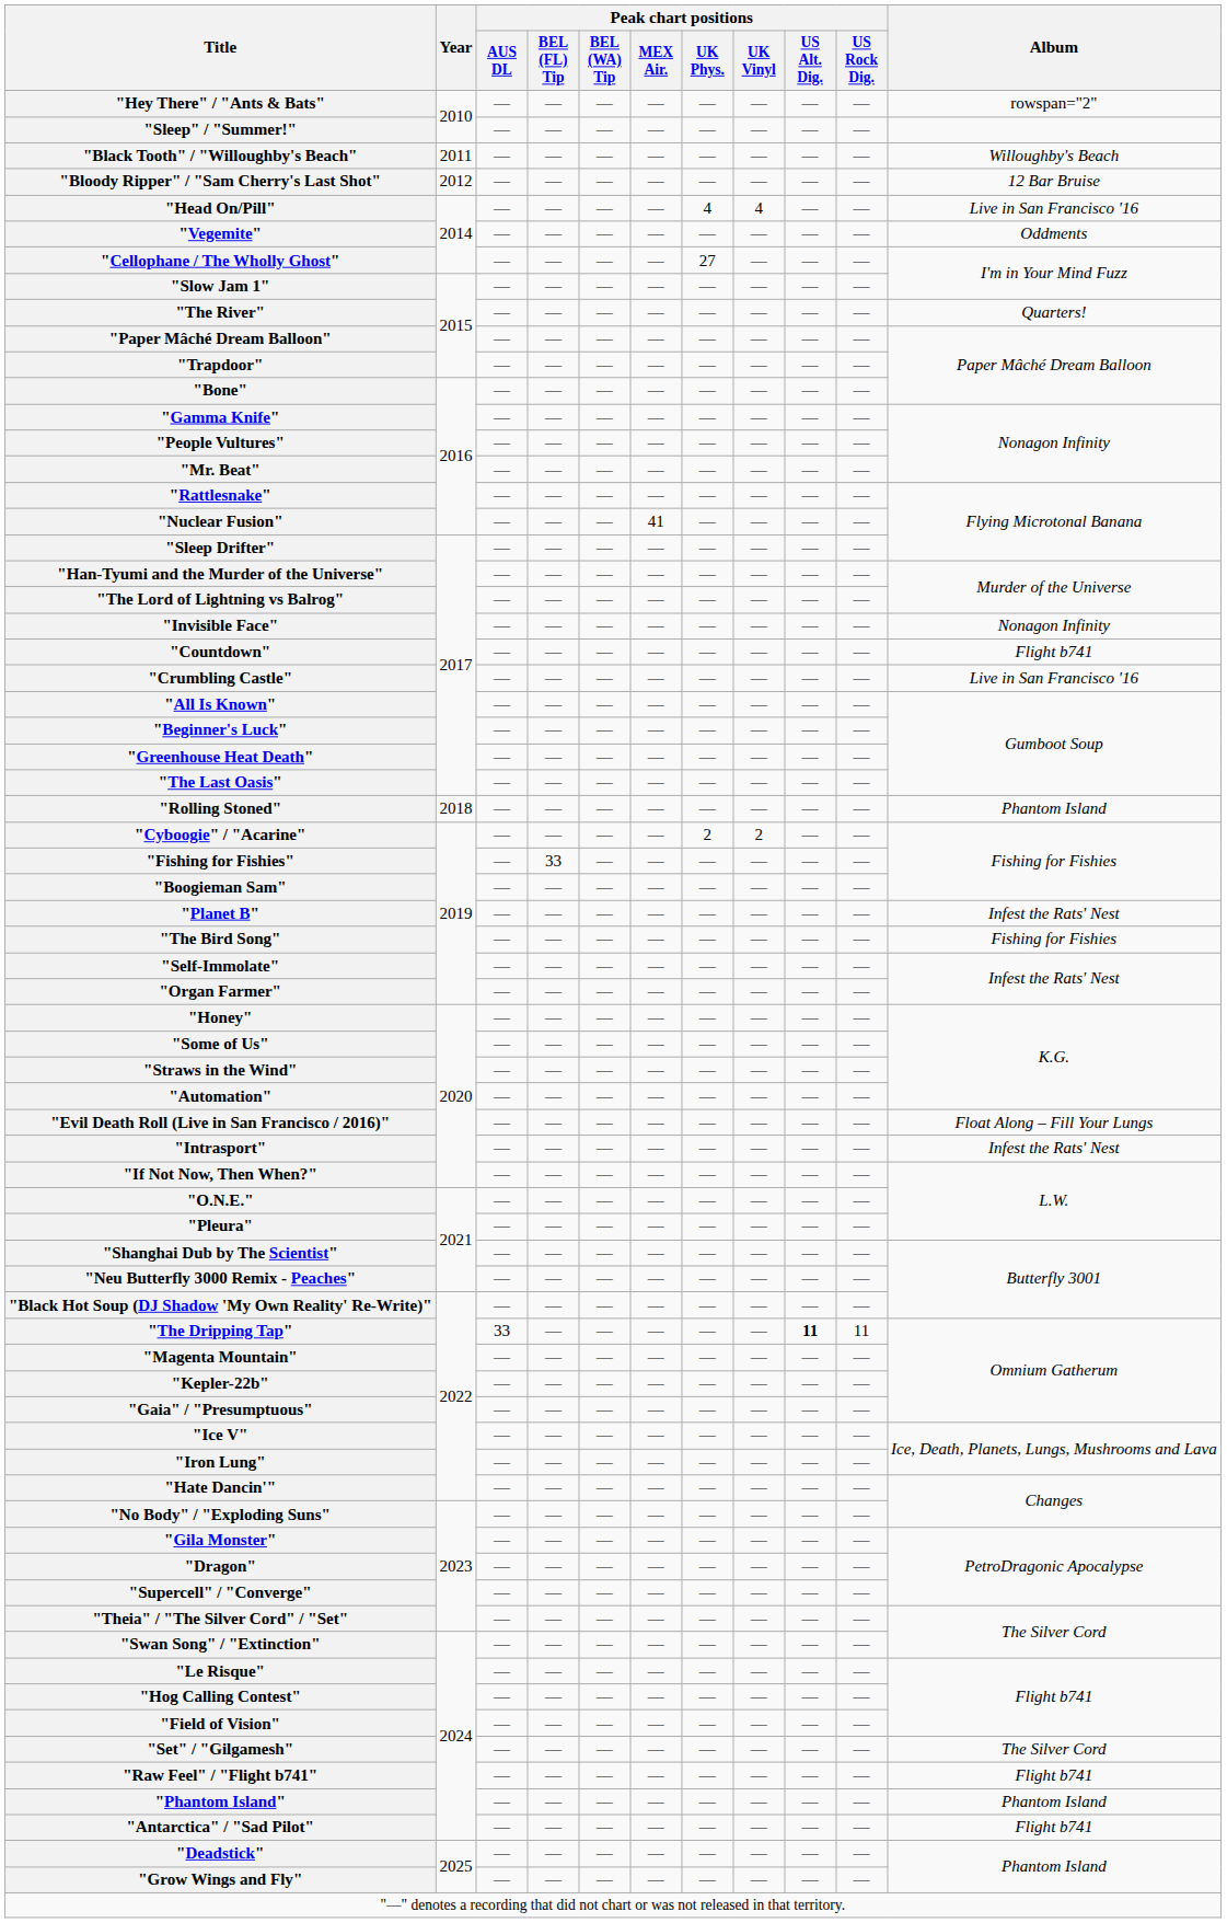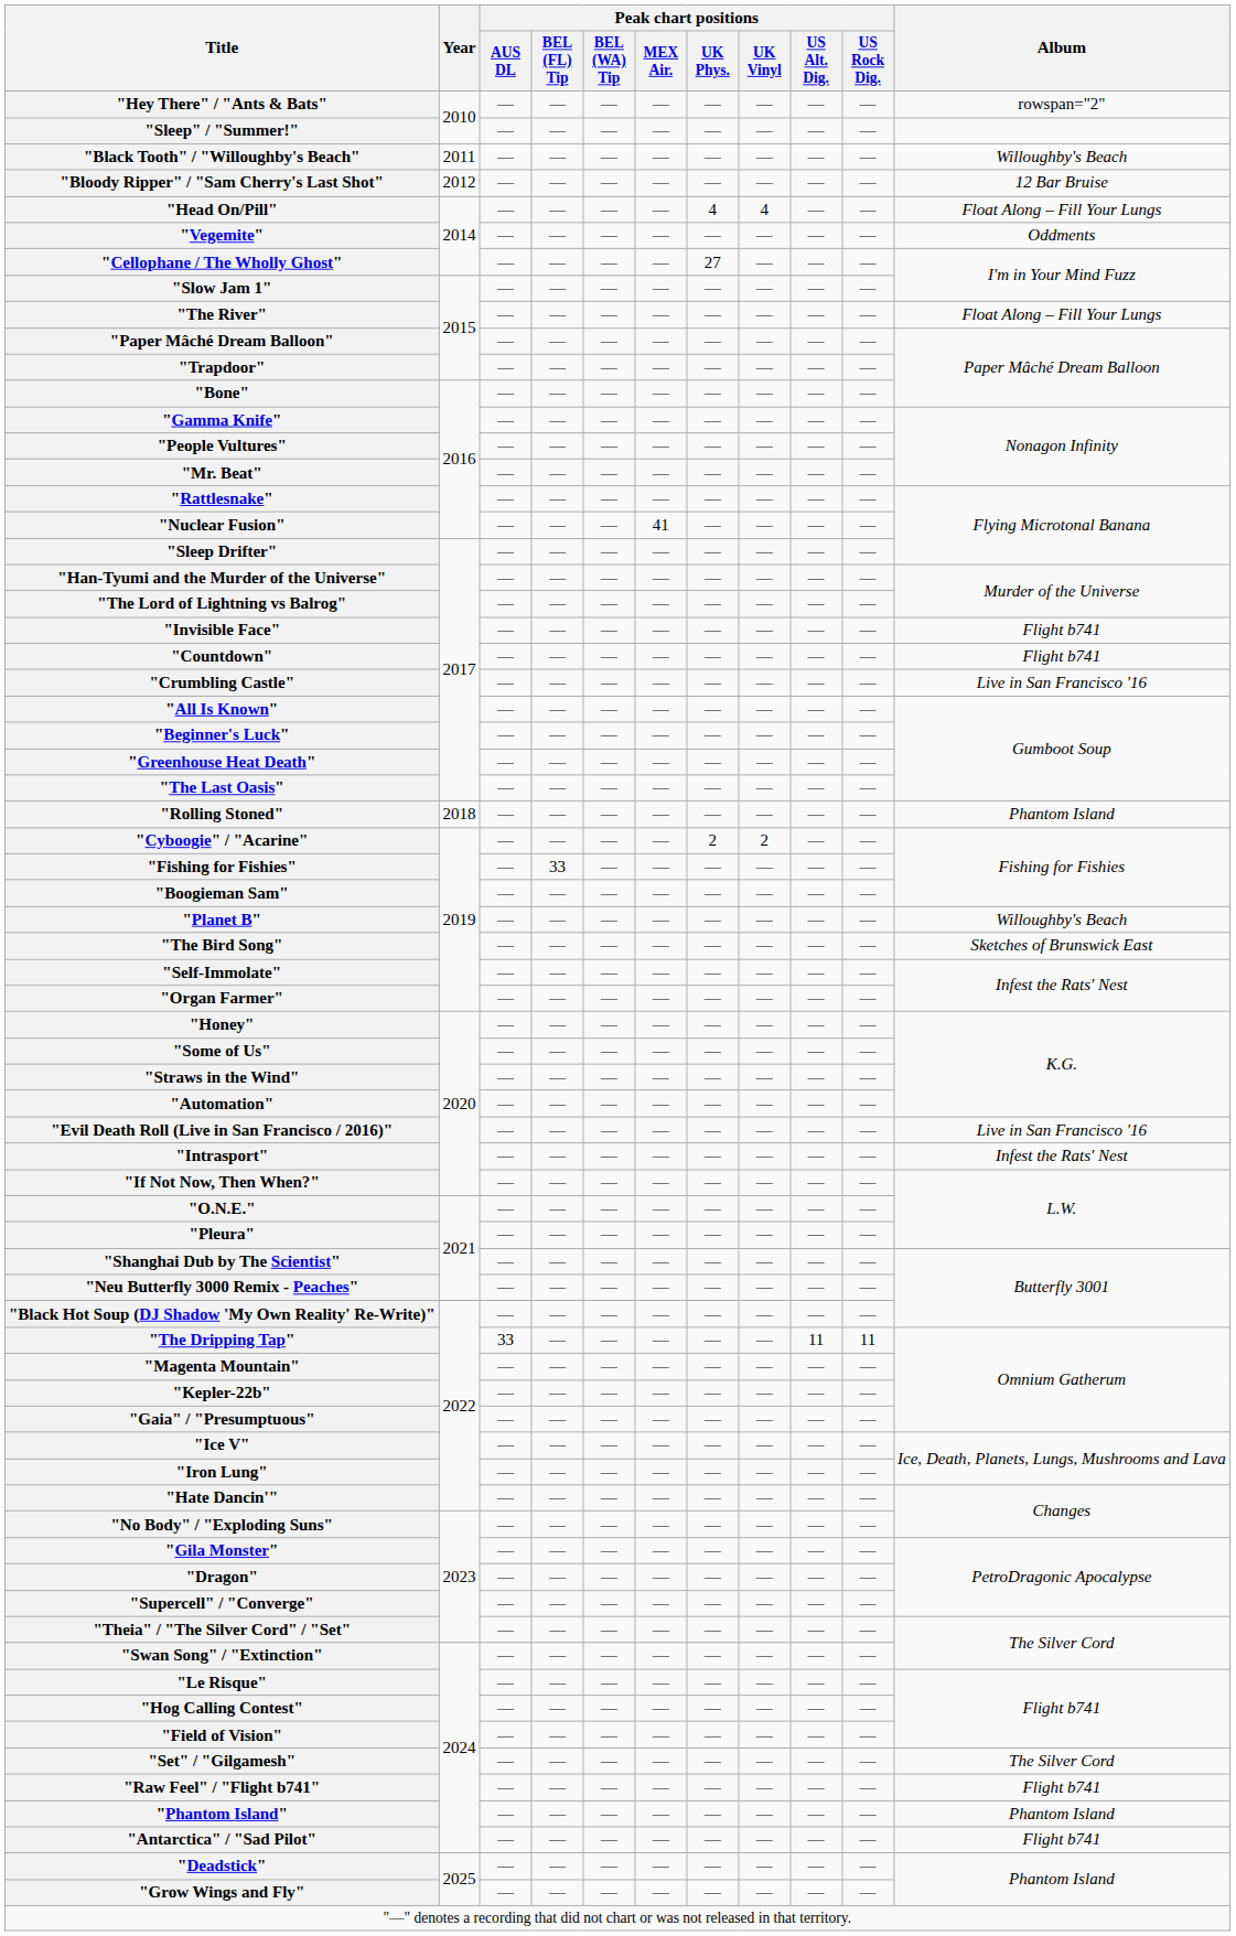 <table class="wikitable plainrowheaders" style="text-align:center;">
 <tr>
 <th scope="col" rowspan="2">Title</th>
 <th scope="col" rowspan="2">Year</th>
 <th scope="col" colspan="8">Peak chart positions</th>
 <th scope="col" rowspan="2">Album</th>
 </tr>
 <tr>
 <th scope="col" style="width:3em; font-size:90%;"><a href='#'>AUS<br>DL</a><br></th>
 <th scope="col" style="width:3em; font-size:90%;"><a href='#'>BEL<br>(FL)<br>Tip</a><br></th>
 <th scope="col" style="width:3em; font-size:90%;"><a href='#'>BEL<br>(WA)<br>Tip</a><br></th>
 <th scope="col" style="width:3em; font-size:90%;"><a href='#'>MEX<br>Air.</a><br></th>
 <th scope="col" style="width:3em; font-size:90%;"><a href='#'>UK<br>Phys.</a><br></th>
 <th scope="col" style="width:3em; font-size:90%;"><a href='#'>UK<br>Vinyl</a><br></th>
 <th scope="col" style="width:3em; font-size:90%;"><a href='#'>US<br>Alt.<br>Dig.</a><br></th>
 <th scope="col" style="width:3em; font-size:90%;"><a href='#'>US<br>Rock<br>Dig.</a><br></th>
 </tr>
 <tr>
 <th scope="row">"Hey There" / "Ants & Bats"</th>
 <td rowspan="2">2010</td>
 <td>—</td>
 <td>—</td>
 <td>—</td>
 <td>—</td>
 <td>—</td>
 <td>—</td>
 <td>—</td>
 <td>—</td>
 <td>rowspan="2" </td>
 </tr>
 <tr>
 <th scope="row">"Sleep" / "Summer!"</th>
 <td>—</td>
 <td>—</td>
 <td>—</td>
 <td>—</td>
 <td>—</td>
 <td>—</td>
 <td>—</td>
 <td>—</td>
 </tr>
 <tr>
 <th scope="row">"Black Tooth" / "Willoughby's Beach"</th>
 <td>2011</td>
 <td>—</td>
 <td>—</td>
 <td>—</td>
 <td>—</td>
 <td>—</td>
 <td>—</td>
 <td>—</td>
 <td>—</td>
 <td><em>Willoughby's Beach</em></td>
 </tr>
 <tr>
 <th scope="row">"Bloody Ripper" / "Sam Cherry's Last Shot"</th>
 <td>2012</td>
 <td>—</td>
 <td>—</td>
 <td>—</td>
 <td>—</td>
 <td>—</td>
 <td>—</td>
 <td>—</td>
 <td>—</td>
 <td><em>12 Bar Bruise</em></td>
 </tr>
 <tr>
 <th scope="row">"Head On/Pill"</th>
 <td rowspan="3">2014</td>
 <td>—</td>
 <td>—</td>
 <td>—</td>
 <td>—</td>
 <td>4</td>
 <td>4</td>
 <td>—</td>
 <td>—</td>
-<td><em>Live in San Francisco '16</em></td>
+<td><em>Float Along – Fill Your Lungs</em></td>
 </tr>
 <tr>
 <th scope="row">"<a href='#'>Vegemite</a>"</th>
 <td>—</td>
 <td>—</td>
 <td>—</td>
 <td>—</td>
 <td>—</td>
 <td>—</td>
 <td>—</td>
 <td>—</td>
 <td><em>Oddments</em></td>
 </tr>
 <tr>
 <th scope="row">"<a href='#'>Cellophane / The Wholly Ghost</a>"</th>
 <td>—</td>
 <td>—</td>
 <td>—</td>
 <td>—</td>
 <td>27</td>
 <td>—</td>
 <td>—</td>
 <td>—</td>
 <td rowspan="2"><em>I'm in Your Mind Fuzz</em></td>
 </tr>
 <tr>
 <th scope="row">"Slow Jam 1"</th>
 <td rowspan="4">2015</td>
 <td>—</td>
 <td>—</td>
 <td>—</td>
 <td>—</td>
 <td>—</td>
 <td>—</td>
 <td>—</td>
 <td>—</td>
 </tr>
 <tr>
 <th scope="row">"The River"</th>
 <td>—</td>
 <td>—</td>
 <td>—</td>
 <td>—</td>
 <td>—</td>
 <td>—</td>
 <td>—</td>
 <td>—</td>
-<td><em>Quarters!</em></td>
+<td><em>Float Along – Fill Your Lungs</em></td>
 </tr>
 <tr>
 <th scope="row">"Paper Mâché Dream Balloon"</th>
 <td>—</td>
 <td>—</td>
 <td>—</td>
 <td>—</td>
 <td>—</td>
 <td>—</td>
 <td>—</td>
 <td>—</td>
 <td rowspan="3"><em>Paper Mâché Dream Balloon</em></td>
 </tr>
 <tr>
 <th scope="row">"Trapdoor"</th>
 <td>—</td>
 <td>—</td>
 <td>—</td>
 <td>—</td>
 <td>—</td>
 <td>—</td>
 <td>—</td>
 <td>—</td>
 </tr>
 <tr>
 <th scope="row">"Bone"</th>
 <td rowspan="6">2016</td>
 <td>—</td>
 <td>—</td>
 <td>—</td>
 <td>—</td>
 <td>—</td>
 <td>—</td>
 <td>—</td>
 <td>—</td>
 </tr>
 <tr>
 <th scope="row">"<a href='#'>Gamma Knife</a>"</th>
 <td>—</td>
 <td>—</td>
 <td>—</td>
 <td>—</td>
 <td>—</td>
 <td>—</td>
 <td>—</td>
 <td>—</td>
 <td rowspan="3"><em>Nonagon Infinity</em></td>
 </tr>
 <tr>
 <th scope="row">"People Vultures"</th>
 <td>—</td>
 <td>—</td>
 <td>—</td>
 <td>—</td>
 <td>—</td>
 <td>—</td>
 <td>—</td>
 <td>—</td>
 </tr>
 <tr>
 <th scope="row">"Mr. Beat"</th>
 <td>—</td>
 <td>—</td>
 <td>—</td>
 <td>—</td>
 <td>—</td>
 <td>—</td>
 <td>—</td>
 <td>—</td>
 </tr>
 <tr>
 <th scope="row">"<a href='#'>Rattlesnake</a>"</th>
 <td>—</td>
 <td>—</td>
 <td>—</td>
 <td>—</td>
 <td>—</td>
 <td>—</td>
 <td>—</td>
 <td>—</td>
 <td rowspan="3"><em>Flying Microtonal Banana</em></td>
 </tr>
 <tr>
 <th scope="row">"Nuclear Fusion"</th>
 <td>—</td>
 <td>—</td>
 <td>—</td>
 <td>41</td>
 <td>—</td>
 <td>—</td>
 <td>—</td>
 <td>—</td>
 </tr>
 <tr>
 <th scope="row">"Sleep Drifter"</th>
 <td rowspan="10">2017</td>
 <td>—</td>
 <td>—</td>
 <td>—</td>
 <td>—</td>
 <td>—</td>
 <td>—</td>
 <td>—</td>
 <td>—</td>
 </tr>
 <tr>
 <th scope="row">"Han-Tyumi and the Murder of the Universe"</th>
 <td>—</td>
 <td>—</td>
 <td>—</td>
 <td>—</td>
 <td>—</td>
 <td>—</td>
 <td>—</td>
 <td>—</td>
 <td rowspan="2"><em>Murder of the Universe</em></td>
 </tr>
 <tr>
 <th scope="row">"The Lord of Lightning vs Balrog"</th>
 <td>—</td>
 <td>—</td>
 <td>—</td>
 <td>—</td>
 <td>—</td>
 <td>—</td>
 <td>—</td>
 <td>—</td>
 </tr>
 <tr>
 <th scope="row">"Invisible Face"</th>
 <td>—</td>
 <td>—</td>
 <td>—</td>
 <td>—</td>
 <td>—</td>
 <td>—</td>
 <td>—</td>
 <td>—</td>
-<td><em>Nonagon Infinity</em></td>
+<td><em>Flight b741</em></td>
 </tr>
 <tr>
 <th scope="row">"Countdown"</th>
 <td>—</td>
 <td>—</td>
 <td>—</td>
 <td>—</td>
 <td>—</td>
 <td>—</td>
 <td>—</td>
 <td>—</td>
 <td><em>Flight b741</em></td>
 </tr>
 <tr>
 <th scope="row">"Crumbling Castle"</th>
 <td>—</td>
 <td>—</td>
 <td>—</td>
 <td>—</td>
 <td>—</td>
 <td>—</td>
 <td>—</td>
 <td>—</td>
 <td><em>Live in San Francisco '16</em></td>
 </tr>
 <tr>
 <th scope="row">"<a href='#'>All Is Known</a>"</th>
 <td>—</td>
 <td>—</td>
 <td>—</td>
 <td>—</td>
 <td>—</td>
 <td>—</td>
 <td>—</td>
 <td>—</td>
 <td rowspan="4"><em>Gumboot Soup</em></td>
 </tr>
 <tr>
 <th scope="row">"<a href='#'>Beginner's Luck</a>"</th>
 <td>—</td>
 <td>—</td>
 <td>—</td>
 <td>—</td>
 <td>—</td>
 <td>—</td>
 <td>—</td>
 <td>—</td>
 </tr>
 <tr>
 <th scope="row">"<a href='#'>Greenhouse Heat Death</a>"</th>
 <td>—</td>
 <td>—</td>
 <td>—</td>
 <td>—</td>
 <td>—</td>
 <td>—</td>
 <td>—</td>
 <td>—</td>
 </tr>
 <tr>
 <th scope="row">"<a href='#'>The Last Oasis</a>"</th>
 <td>—</td>
 <td>—</td>
 <td>—</td>
 <td>—</td>
 <td>—</td>
 <td>—</td>
 <td>—</td>
 <td>—</td>
 </tr>
 <tr>
 <th scope="row">"Rolling Stoned"</th>
 <td>2018</td>
 <td>—</td>
 <td>—</td>
 <td>—</td>
 <td>—</td>
 <td>—</td>
 <td>—</td>
 <td>—</td>
 <td>—</td>
 <td><em>Phantom Island</em></td>
 </tr>
 <tr>
 <th scope="row">"<a href='#'>Cyboogie</a>" / "Acarine"</th>
 <td rowspan="7">2019</td>
 <td>—</td>
 <td>—</td>
 <td>—</td>
 <td>—</td>
 <td>2</td>
 <td>2</td>
 <td>—</td>
 <td>—</td>
 <td rowspan="3"><em>Fishing for Fishies</em></td>
 </tr>
 <tr>
 <th scope="row">"Fishing for Fishies"</th>
 <td>—</td>
 <td>33</td>
 <td>—</td>
 <td>—</td>
 <td>—</td>
 <td>—</td>
 <td>—</td>
 <td>—</td>
 </tr>
 <tr>
 <th scope="row">"Boogieman Sam"</th>
 <td>—</td>
 <td>—</td>
 <td>—</td>
 <td>—</td>
 <td>—</td>
 <td>—</td>
 <td>—</td>
 <td>—</td>
 </tr>
 <tr>
 <th scope="row">"<a href='#'>Planet B</a>"</th>
 <td>—</td>
 <td>—</td>
 <td>—</td>
 <td>—</td>
 <td>—</td>
 <td>—</td>
 <td>—</td>
 <td>—</td>
-<td><em>Infest the Rats' Nest</em></td>
+<td><em>Willoughby's Beach</em></td>
 </tr>
 <tr>
 <th scope="row">"The Bird Song"</th>
 <td>—</td>
 <td>—</td>
 <td>—</td>
 <td>—</td>
 <td>—</td>
 <td>—</td>
 <td>—</td>
 <td>—</td>
-<td><em>Fishing for Fishies</em></td>
+<td><em>Sketches of Brunswick East</em></td>
 </tr>
 <tr>
 <th scope="row">"Self-Immolate"</th>
 <td>—</td>
 <td>—</td>
 <td>—</td>
 <td>—</td>
 <td>—</td>
 <td>—</td>
 <td>—</td>
 <td>—</td>
 <td rowspan="2"><em>Infest the Rats' Nest</em></td>
 </tr>
 <tr>
 <th scope="row">"Organ Farmer"</th>
 <td>—</td>
 <td>—</td>
 <td>—</td>
 <td>—</td>
 <td>—</td>
 <td>—</td>
 <td>—</td>
 <td>—</td>
 </tr>
 <tr>
 <th scope="row">"Honey"</th>
 <td rowspan="7">2020</td>
 <td>—</td>
 <td>—</td>
 <td>—</td>
 <td>—</td>
 <td>—</td>
 <td>—</td>
 <td>—</td>
 <td>—</td>
 <td rowspan="4"><em>K.G.</em></td>
 </tr>
 <tr>
 <th scope="row">"Some of Us"</th>
 <td>—</td>
 <td>—</td>
 <td>—</td>
 <td>—</td>
 <td>—</td>
 <td>—</td>
 <td>—</td>
 <td>—</td>
 </tr>
 <tr>
 <th scope="row">"Straws in the Wind"</th>
 <td>—</td>
 <td>—</td>
 <td>—</td>
 <td>—</td>
 <td>—</td>
 <td>—</td>
 <td>—</td>
 <td>—</td>
 </tr>
 <tr>
 <th scope="row">"Automation"</th>
 <td>—</td>
 <td>—</td>
 <td>—</td>
 <td>—</td>
 <td>—</td>
 <td>—</td>
 <td>—</td>
 <td>—</td>
 </tr>
 <tr>
 <th scope="row">"Evil Death Roll (Live in San Francisco / 2016)"</th>
 <td>—</td>
 <td>—</td>
 <td>—</td>
 <td>—</td>
 <td>—</td>
 <td>—</td>
 <td>—</td>
 <td>—</td>
-<td><em>Float Along – Fill Your Lungs</em></td>
+<td><em>Live in San Francisco '16</em></td>
 </tr>
 <tr>
 <th scope="row">"Intrasport"</th>
 <td>—</td>
 <td>—</td>
 <td>—</td>
 <td>—</td>
 <td>—</td>
 <td>—</td>
 <td>—</td>
 <td>—</td>
 <td><em>Infest the Rats' Nest</em></td>
 </tr>
 <tr>
 <th scope="row">"If Not Now, Then When?"</th>
 <td>—</td>
 <td>—</td>
 <td>—</td>
 <td>—</td>
 <td>—</td>
 <td>—</td>
 <td>—</td>
 <td>—</td>
 <td rowspan="3"><em>L.W.</em></td>
 </tr>
 <tr>
 <th scope="row">"O.N.E."</th>
 <td rowspan="4">2021</td>
 <td>—</td>
 <td>—</td>
 <td>—</td>
 <td>—</td>
 <td>—</td>
 <td>—</td>
 <td>—</td>
 <td>—</td>
 </tr>
 <tr>
 <th scope="row">"Pleura"</th>
 <td>—</td>
 <td>—</td>
 <td>—</td>
 <td>—</td>
 <td>—</td>
 <td>—</td>
 <td>—</td>
 <td>—</td>
 </tr>
 <tr>
 <th scope="row">"Shanghai Dub by The <a href='#'>Scientist</a>"</th>
 <td>—</td>
 <td>—</td>
 <td>—</td>
 <td>—</td>
 <td>—</td>
 <td>—</td>
 <td>—</td>
 <td>—</td>
 <td rowspan="3"><em>Butterfly 3001</em></td>
 </tr>
 <tr>
 <th scope="row">"Neu Butterfly 3000 Remix - <a href='#'>Peaches</a>"</th>
 <td>—</td>
 <td>—</td>
 <td>—</td>
 <td>—</td>
 <td>—</td>
 <td>—</td>
 <td>—</td>
 <td>—</td>
 </tr>
 <tr>
 <th scope="row">"Black Hot Soup (<a href='#'>DJ Shadow</a> 'My Own Reality' Re-Write)"</th>
 <td rowspan="8">2022</td>
 <td>—</td>
 <td>—</td>
 <td>—</td>
 <td>—</td>
 <td>—</td>
 <td>—</td>
 <td>—</td>
 <td>—</td>
 </tr>
 <tr>
 <th scope="row">"<a href='#'>The Dripping Tap</a>"</th>
 <td>33</td>
 <td>—</td>
 <td>—</td>
 <td>—</td>
 <td>—</td>
 <td>—</td>
-<td><strong>11</strong></td>
+<td>11</td>
 <td>11</td>
 <td rowspan="4"><em>Omnium Gatherum</em></td>
 </tr>
 <tr>
 <th scope="row">"Magenta Mountain"</th>
 <td>—</td>
 <td>—</td>
 <td>—</td>
 <td>—</td>
 <td>—</td>
 <td>—</td>
 <td>—</td>
 <td>—</td>
 </tr>
 <tr>
 <th scope="row">"Kepler-22b"</th>
 <td>—</td>
 <td>—</td>
 <td>—</td>
 <td>—</td>
 <td>—</td>
 <td>—</td>
 <td>—</td>
 <td>—</td>
 </tr>
 <tr>
 <th scope="row">"Gaia" / "Presumptuous"</th>
 <td>—</td>
 <td>—</td>
 <td>—</td>
 <td>—</td>
 <td>—</td>
 <td>—</td>
 <td>—</td>
 <td>—</td>
 </tr>
 <tr>
 <th scope="row">"Ice V"</th>
 <td>—</td>
 <td>—</td>
 <td>—</td>
 <td>—</td>
 <td>—</td>
 <td>—</td>
 <td>—</td>
 <td>—</td>
 <td rowspan="2"><em>Ice, Death, Planets, Lungs, Mushrooms and Lava</em></td>
 </tr>
 <tr>
 <th scope="row">"Iron Lung"</th>
 <td>—</td>
 <td>—</td>
 <td>—</td>
 <td>—</td>
 <td>—</td>
 <td>—</td>
 <td>—</td>
 <td>—</td>
 </tr>
 <tr>
 <th scope="row">"Hate Dancin'"</th>
 <td>—</td>
 <td>—</td>
 <td>—</td>
 <td>—</td>
 <td>—</td>
 <td>—</td>
 <td>—</td>
 <td>—</td>
 <td rowspan="2"><em>Changes</em></td>
 </tr>
 <tr>
 <th scope="row">"No Body" / "Exploding Suns"</th>
 <td rowspan="5">2023</td>
 <td>—</td>
 <td>—</td>
 <td>—</td>
 <td>—</td>
 <td>—</td>
 <td>—</td>
 <td>—</td>
 <td>—</td>
 </tr>
 <tr>
 <th scope="row">"<a href='#'>Gila Monster</a>"</th>
 <td>—</td>
 <td>—</td>
 <td>—</td>
 <td>—</td>
 <td>—</td>
 <td>—</td>
 <td>—</td>
 <td>—</td>
 <td rowspan="3"><em>PetroDragonic Apocalypse</em></td>
 </tr>
 <tr>
 <th scope="row">"Dragon"</th>
 <td>—</td>
 <td>—</td>
 <td>—</td>
 <td>—</td>
 <td>—</td>
 <td>—</td>
 <td>—</td>
 <td>—</td>
 </tr>
 <tr>
 <th scope="row">"Supercell" / "Converge"</th>
 <td>—</td>
 <td>—</td>
 <td>—</td>
 <td>—</td>
 <td>—</td>
 <td>—</td>
 <td>—</td>
 <td>—</td>
 </tr>
 <tr>
 <th scope="row">"Theia" / "The Silver Cord" / "Set"</th>
 <td>—</td>
 <td>—</td>
 <td>—</td>
 <td>—</td>
 <td>—</td>
 <td>—</td>
 <td>—</td>
 <td>—</td>
 <td rowspan="2"><em>The Silver Cord</em></td>
 </tr>
 <tr>
 <th scope="row">"Swan Song" / "Extinction"</th>
 <td rowspan="8">2024</td>
 <td>—</td>
 <td>—</td>
 <td>—</td>
 <td>—</td>
 <td>—</td>
 <td>—</td>
 <td>—</td>
 <td>—</td>
 </tr>
 <tr>
 <th scope="row">"Le Risque"</th>
 <td>—</td>
 <td>—</td>
 <td>—</td>
 <td>—</td>
 <td>—</td>
 <td>—</td>
 <td>—</td>
 <td>—</td>
 <td rowspan="3"><em>Flight b741</em></td>
 </tr>
 <tr>
 <th scope="row">"Hog Calling Contest"</th>
 <td>—</td>
 <td>—</td>
 <td>—</td>
 <td>—</td>
 <td>—</td>
 <td>—</td>
 <td>—</td>
 <td>—</td>
 </tr>
 <tr>
 <th scope="row">"Field of Vision"</th>
 <td>—</td>
 <td>—</td>
 <td>—</td>
 <td>—</td>
 <td>—</td>
 <td>—</td>
 <td>—</td>
 <td>—</td>
 </tr>
 <tr>
 <th scope="row">"Set" / "Gilgamesh"</th>
 <td>—</td>
 <td>—</td>
 <td>—</td>
 <td>—</td>
 <td>—</td>
 <td>—</td>
 <td>—</td>
 <td>—</td>
 <td><em>The Silver Cord</em></td>
 </tr>
 <tr>
 <th scope="row">"Raw Feel" / "Flight b741"</th>
 <td>—</td>
 <td>—</td>
 <td>—</td>
 <td>—</td>
 <td>—</td>
 <td>—</td>
 <td>—</td>
 <td>—</td>
 <td><em>Flight b741</em></td>
 </tr>
 <tr>
 <th scope="row">"<a href='#'>Phantom Island</a>"</th>
 <td>—</td>
 <td>—</td>
 <td>—</td>
 <td>—</td>
 <td>—</td>
 <td>—</td>
 <td>—</td>
 <td>—</td>
 <td><em>Phantom Island</em></td>
 </tr>
 <tr>
 <th scope="row">"Antarctica" / "Sad Pilot"</th>
 <td>—</td>
 <td>—</td>
 <td>—</td>
 <td>—</td>
 <td>—</td>
 <td>—</td>
 <td>—</td>
 <td>—</td>
 <td><em>Flight b741</em></td>
 </tr>
 <tr>
 <th scope="row">"<a href='#'>Deadstick</a>"</th>
 <td rowspan="2">2025</td>
 <td>—</td>
 <td>—</td>
 <td>—</td>
 <td>—</td>
 <td>—</td>
 <td>—</td>
 <td>—</td>
 <td>—</td>
 <td rowspan="2"><em>Phantom Island</em></td>
 </tr>
 <tr>
 <th scope="row">"Grow Wings and Fly"</th>
 <td>—</td>
 <td>—</td>
 <td>—</td>
 <td>—</td>
 <td>—</td>
 <td>—</td>
 <td>—</td>
 <td>—</td>
 </tr>
 <tr>
 <td colspan="15" style="font-size:90%; text-align:center">"—" denotes a recording that did not chart or was not released in that territory.</td>
 </tr>
 </table>
